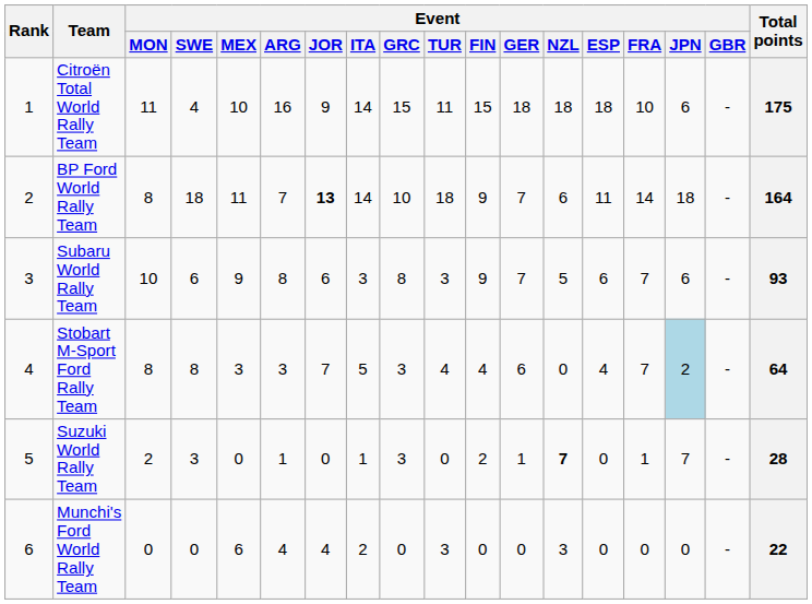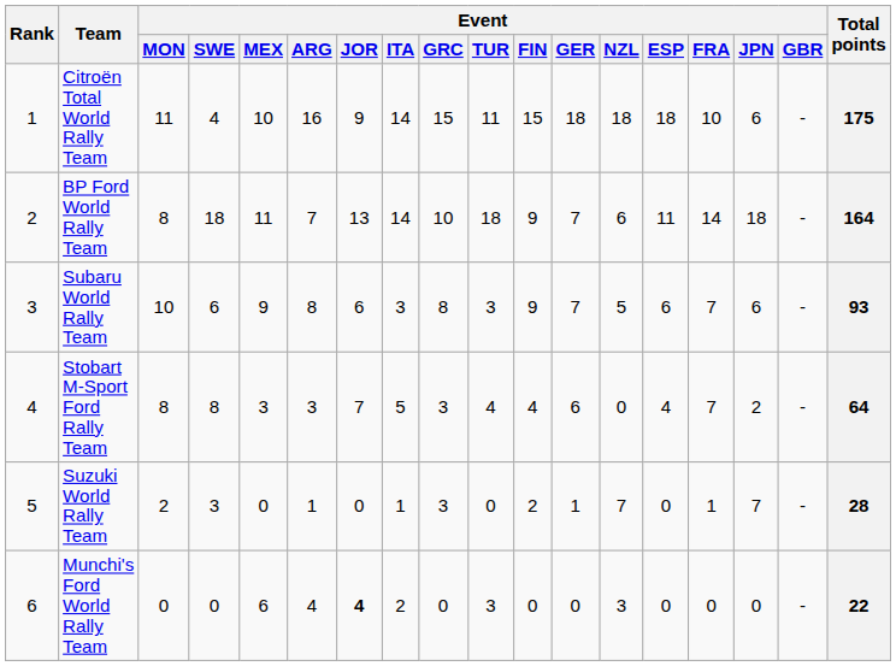 <table class="wikitable" style="text-align:center; font-size:90%;">
 <tr>
 <th rowspan=2>Rank</th>
 <th rowspan=2>Team</th>
 <th colspan=15>Event</th>
 <th rowspan=2>Total<br>points</th>
 </tr>
 <tr valign="top">
 <th><a href='#'>MON</a><br></th>
 <th><a href='#'>SWE</a><br></th>
 <th><a href='#'>MEX</a><br></th>
 <th><a href='#'>ARG</a><br></th>
 <th><a href='#'>JOR</a><br></th>
 <th><a href='#'>ITA</a><br></th>
 <th><a href='#'>GRC</a><br></th>
 <th><a href='#'>TUR</a><br></th>
 <th><a href='#'>FIN</a><br></th>
 <th><a href='#'>GER</a><br></th>
 <th><a href='#'>NZL</a><br></th>
 <th><a href='#'>ESP</a><br></th>
 <th><a href='#'>FRA</a><br></th>
 <th><a href='#'>JPN</a><br></th>
 <th><a href='#'>GBR</a><br></th>
 </tr>
 <tr>
 <td>1</td>
 <td align="left"> <a href='#'>Citroën Total World Rally Team</a></td>
 <td>11</td>
 <td>4</td>
 <td>10</td>
 <td>16</td>
 <td>9</td>
 <td>14</td>
 <td>15</td>
 <td>11</td>
 <td>15</td>
 <td>18</td>
 <td>18</td>
 <td>18</td>
 <td>10</td>
 <td>6</td>
 <td>-</td>
 <th>175</th>
 </tr>
 <tr>
 <td>2</td>
 <td align="left"> <a href='#'>BP Ford World Rally Team</a></td>
 <td>8</td>
 <td>18</td>
 <td>11</td>
 <td>7</td>
-<td><strong>13</strong></td>
+<td>13</td>
 <td>14</td>
 <td>10</td>
 <td>18</td>
 <td>9</td>
 <td>7</td>
 <td>6</td>
 <td>11</td>
 <td>14</td>
 <td>18</td>
 <td>-</td>
 <th>164</th>
 </tr>
 <tr>
 <td>3</td>
 <td align="left"> <a href='#'>Subaru World Rally Team</a></td>
 <td>10</td>
 <td>6</td>
 <td>9</td>
 <td>8</td>
 <td>6</td>
 <td>3</td>
 <td>8</td>
 <td>3</td>
 <td>9</td>
 <td>7</td>
 <td>5</td>
 <td>6</td>
 <td>7</td>
 <td>6</td>
 <td>-</td>
 <th>93</th>
 </tr>
 <tr>
 <td>4</td>
 <td align="left"> <a href='#'>Stobart M-Sport Ford Rally Team</a></td>
 <td>8</td>
 <td>8</td>
 <td>3</td>
 <td>3</td>
 <td>7</td>
 <td>5</td>
 <td>3</td>
 <td>4</td>
 <td>4</td>
 <td>6</td>
 <td>0</td>
 <td>4</td>
 <td>7</td>
-<td style="background: lightblue;">2</td>
+<td>2</td>
 <td>-</td>
 <th>64</th>
 </tr>
 <tr>
 <td>5</td>
 <td align="left"> <a href='#'>Suzuki World Rally Team</a></td>
 <td>2</td>
 <td>3</td>
 <td>0</td>
 <td>1</td>
 <td>0</td>
 <td>1</td>
 <td>3</td>
 <td>0</td>
 <td>2</td>
 <td>1</td>
-<td><strong>7</strong></td>
+<td>7</td>
 <td>0</td>
 <td>1</td>
 <td>7</td>
 <td>-</td>
 <th>28</th>
 </tr>
 <tr>
 <td>6</td>
 <td align="left"> <a href='#'>Munchi's Ford World Rally Team</a></td>
 <td>0</td>
 <td>0</td>
 <td>6</td>
 <td>4</td>
-<td>4</td>
+<td><strong>4</strong></td>
 <td>2</td>
 <td>0</td>
 <td>3</td>
 <td>0</td>
 <td>0</td>
 <td>3</td>
 <td>0</td>
 <td>0</td>
 <td>0</td>
 <td>-</td>
 <th>22</th>
 </tr>
 </table>
